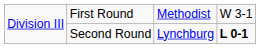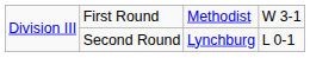 <table class="wikitable">
 <tr>
 <td rowspan="2"><a href='#'>Division III</a></td>
 <td>First Round</td>
 <td><a href='#'>Methodist</a></td>
 <td>W 3-1</td>
 </tr>
 <tr>
 <td>Second Round</td>
 <td><a href='#'>Lynchburg</a></td>
-<td><strong>L 0-1</strong></td>
+<td>L 0-1</td>
 </tr>
 </table>
